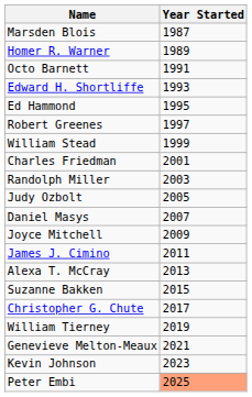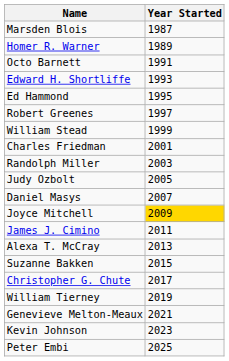 <table class="wikitable">
 <tr>
 <th>Name</th>
 <th>Year Started</th>
 </tr>
 <tr>
 <td>Marsden Blois</td>
 <td>1987</td>
 </tr>
 <tr>
 <td><a href='#'>Homer R. Warner</a></td>
 <td>1989</td>
 </tr>
 <tr>
 <td>Octo Barnett</td>
 <td>1991</td>
 </tr>
 <tr>
 <td><a href='#'>Edward H. Shortliffe</a></td>
 <td>1993</td>
 </tr>
 <tr>
 <td>Ed Hammond</td>
 <td>1995</td>
 </tr>
 <tr>
 <td>Robert Greenes</td>
 <td>1997</td>
 </tr>
 <tr>
 <td>William Stead</td>
 <td>1999</td>
 </tr>
 <tr>
 <td>Charles Friedman</td>
 <td>2001</td>
 </tr>
 <tr>
 <td>Randolph Miller</td>
 <td>2003</td>
 </tr>
 <tr>
 <td>Judy Ozbolt</td>
 <td>2005</td>
 </tr>
 <tr>
 <td>Daniel Masys</td>
 <td>2007</td>
 </tr>
 <tr>
 <td>Joyce Mitchell</td>
-<td>2009</td>
+<td style="background: gold;">2009</td>
 </tr>
 <tr>
 <td><a href='#'>James J. Cimino</a></td>
 <td>2011</td>
 </tr>
 <tr>
 <td>Alexa T. McCray</td>
 <td>2013</td>
 </tr>
 <tr>
 <td>Suzanne Bakken</td>
 <td>2015</td>
 </tr>
 <tr>
 <td><a href='#'>Christopher G. Chute</a></td>
 <td>2017</td>
 </tr>
 <tr>
 <td>William Tierney</td>
 <td>2019</td>
 </tr>
 <tr>
 <td>Genevieve Melton-Meaux</td>
 <td>2021</td>
 </tr>
 <tr>
 <td>Kevin Johnson</td>
 <td>2023</td>
 </tr>
 <tr>
 <td>Peter Embi</td>
-<td style="background: lightsalmon;">2025</td>
+<td>2025</td>
 </tr>
 </table>
